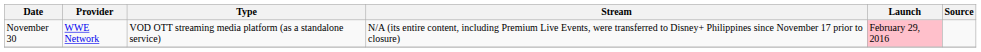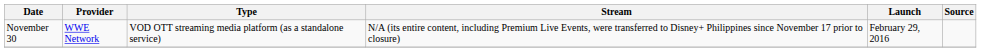 <table class="wikitable">
 <tr>
 <th>Date</th>
 <th>Provider</th>
 <th>Type</th>
 <th>Stream</th>
 <th>Launch</th>
 <th>Source</th>
 </tr>
 <tr>
 <td>November 30</td>
 <td><a href='#'>WWE Network</a></td>
 <td>VOD OTT streaming media platform (as a standalone service)</td>
 <td>N/A (its entire content, including Premium Live Events, were transferred to Disney+ Philippines since November 17 prior to closure)</td>
-<td style="background: pink;">February 29, 2016</td>
+<td>February 29, 2016</td>
 <td></td>
 </tr>
 <tr>
 </tr>
 </table>
